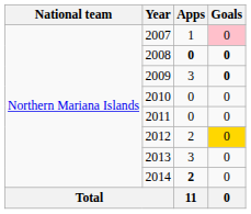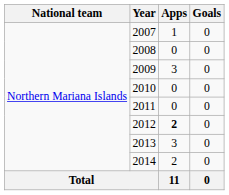 <table class="wikitable" style="text-align:center">
 <tr>
 <th>National team</th>
 <th>Year</th>
 <th>Apps</th>
 <th>Goals</th>
 </tr>
 <tr>
 <td rowspan="8"><a href='#'>Northern Mariana Islands</a></td>
 <td>2007</td>
 <td>1</td>
-<td style="background: pink;">0</td>
+<td>0</td>
 </tr>
 <tr>
 <td>2008</td>
-<td><strong>0</strong></td>
-<td><strong>0</strong></td>
+<td>0</td>
+<td>0</td>
 </tr>
 <tr>
 <td>2009</td>
 <td>3</td>
-<td><strong>0</strong></td>
+<td>0</td>
 </tr>
 <tr>
 <td>2010</td>
 <td>0</td>
 <td>0</td>
 </tr>
 <tr>
 <td>2011</td>
 <td>0</td>
 <td>0</td>
 </tr>
 <tr>
 <td>2012</td>
-<td>2</td>
-<td style="background: gold;">0</td>
+<td><strong>2</strong></td>
+<td>0</td>
 </tr>
 <tr>
 <td>2013</td>
 <td>3</td>
 <td>0</td>
 </tr>
 <tr>
 <td>2014</td>
-<td><strong>2</strong></td>
+<td>2</td>
 <td>0</td>
 </tr>
 <tr>
 <th colspan=2>Total</th>
 <th>11</th>
 <th>0</th>
 </tr>
 </table>
